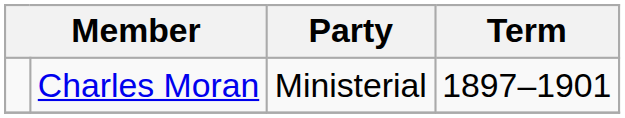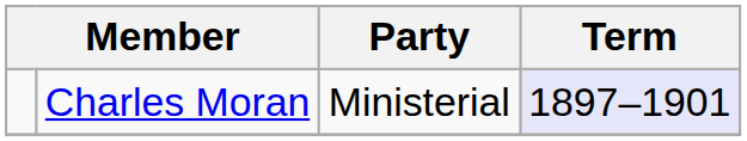 <table class="wikitable">
 <tr>
 <th colspan="2">Member</th>
 <th>Party</th>
 <th>Term</th>
 </tr>
 <tr>
 <td> </td>
 <td><a href='#'>Charles Moran</a></td>
 <td>Ministerial</td>
-<td>1897–1901</td>
+<td style="background: lavender;">1897–1901</td>
 </tr>
 <tr>
 </tr>
 </table>
